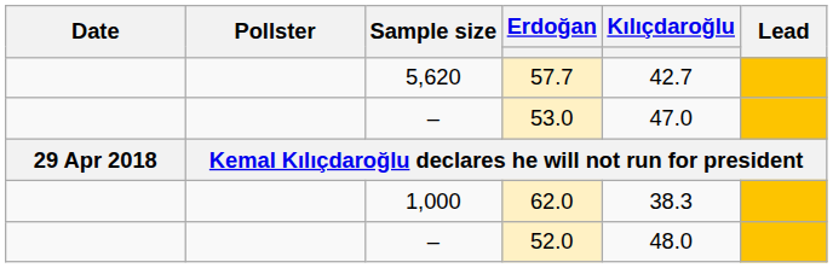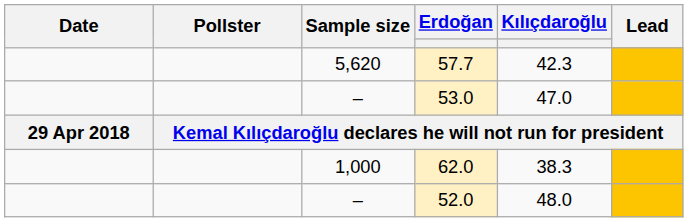 <table class="wikitable" style="text-align:center; font-size:90%; line-height:20px;">
 <tr>
 <th rowspan=2 width="110px">Date</th>
 <th rowspan=2 width="110px">Pollster</th>
 <th rowspan=2 width="50px">Sample size</th>
 <th width=50><a href='#'>Erdoğan</a></th>
 <th width=50><a href='#'>Kılıçdaroğlu</a></th>
 <th width=50 rowspan=2>Lead</th>
 </tr>
 <tr>
 <th style="background: "></th>
 <th style="background: "></th>
 </tr>
 <tr>
 <td></td>
 <td></td>
 <td>5,620</td>
 <td style="background: #FFF1C4">57.7</td>
-<td>42.7</td>
+<td>42.3</td>
 <td style="background: #FDC400"></td>
 </tr>
 <tr>
 <td></td>
 <td></td>
 <td>–</td>
 <td style="background: #FFF1C4">53.0</td>
 <td>47.0</td>
 <td style="background: #FDC400"></td>
 </tr>
 <tr>
 <th>29 Apr 2018</th>
 <th colspan="22"><a href='#'>Kemal Kılıçdaroğlu</a> declares he will not run for president</th>
 </tr>
 <tr>
 <td></td>
 <td></td>
 <td>1,000</td>
 <td style="background: #FFF1C4">62.0</td>
 <td>38.3</td>
 <td style="background: #FDC400"></td>
 </tr>
 <tr>
 <td></td>
 <td></td>
 <td>–</td>
 <td style="background: #FFF1C4">52.0</td>
 <td>48.0</td>
 <td style="background: #FDC400"></td>
 </tr>
 </table>
